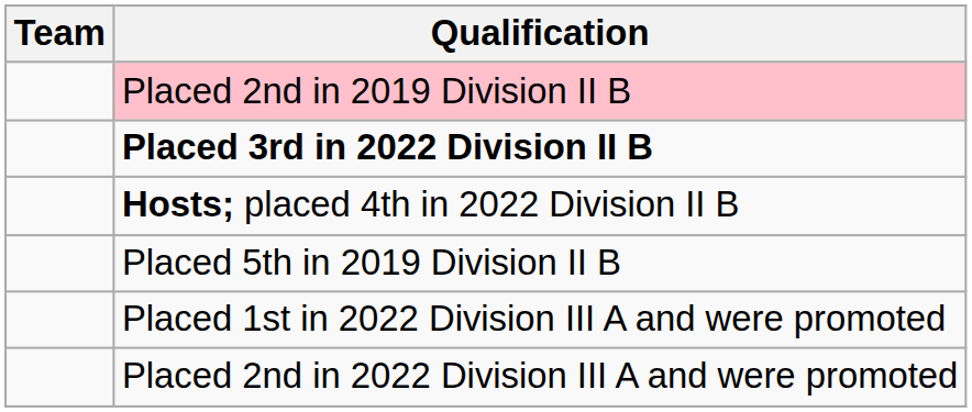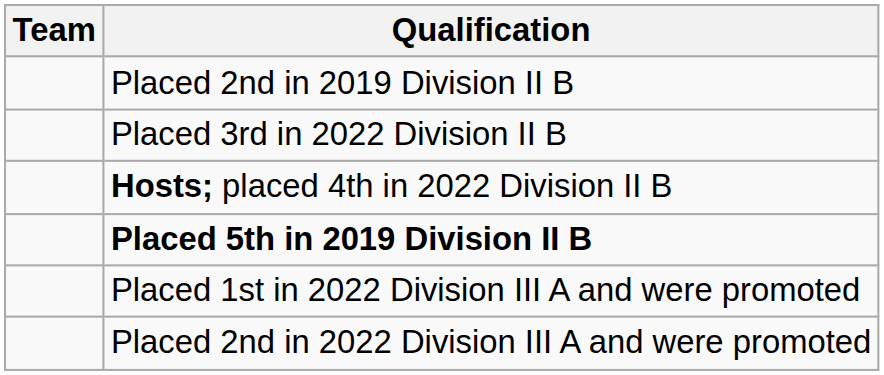 <table class="wikitable">
 <tr>
 <th>Team</th>
 <th>Qualification</th>
 </tr>
 <tr>
 <td></td>
-<td style="background: pink;">Placed 2nd in 2019 Division II B</td>
+<td>Placed 2nd in 2019 Division II B</td>
 </tr>
 <tr>
 <td></td>
-<td><strong>Placed 3rd in 2022 Division II B</strong></td>
+<td>Placed 3rd in 2022 Division II B</td>
 </tr>
 <tr>
 <td></td>
 <td><strong>Hosts;</strong> placed 4th in 2022 Division II B</td>
 </tr>
 <tr>
 <td></td>
-<td>Placed 5th in 2019 Division II B</td>
+<td><strong>Placed 5th in 2019 Division II B</strong></td>
 </tr>
 <tr>
 <td></td>
 <td>Placed 1st in 2022 Division III A and were promoted</td>
 </tr>
 <tr>
 <td></td>
 <td>Placed 2nd in 2022 Division III A and were promoted</td>
 </tr>
 </table>
